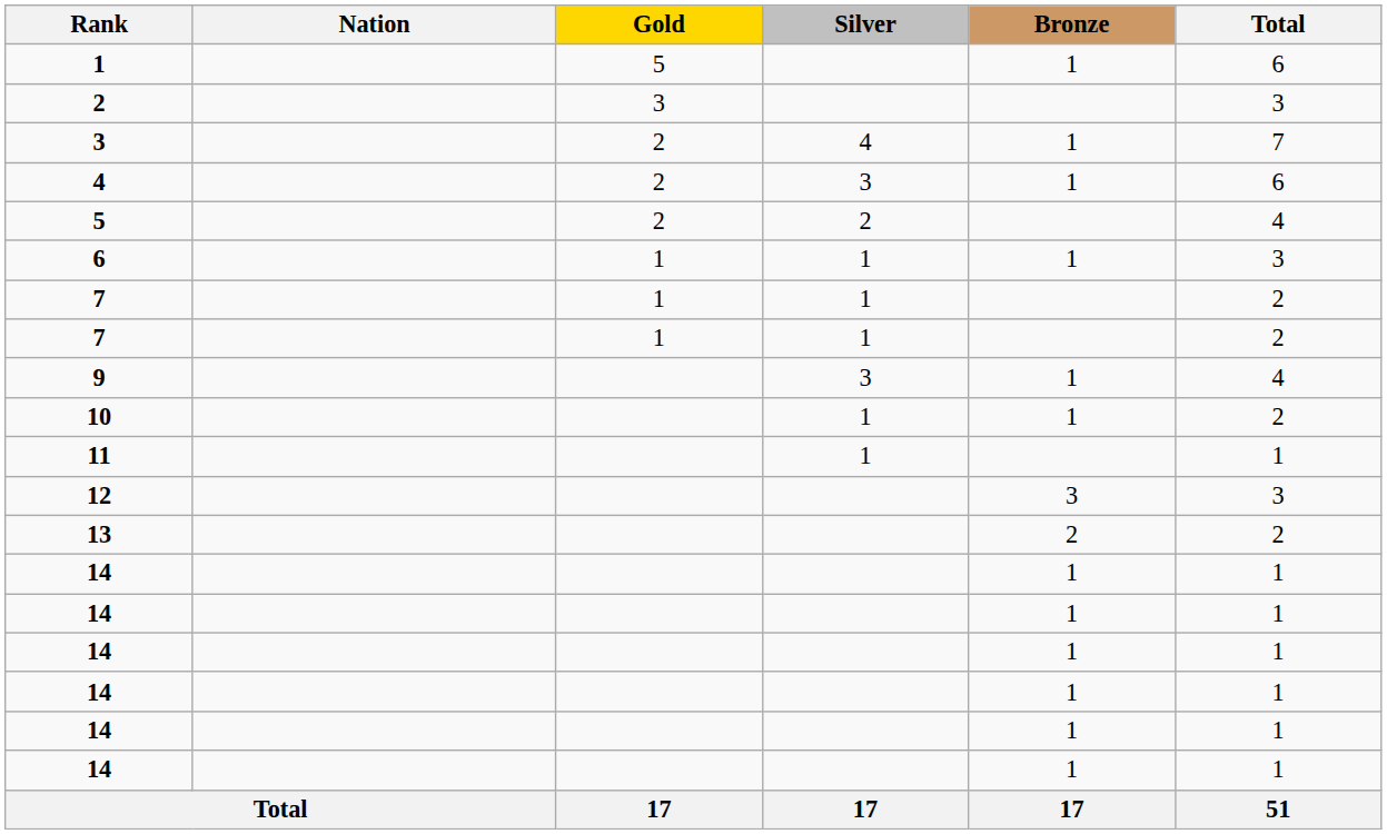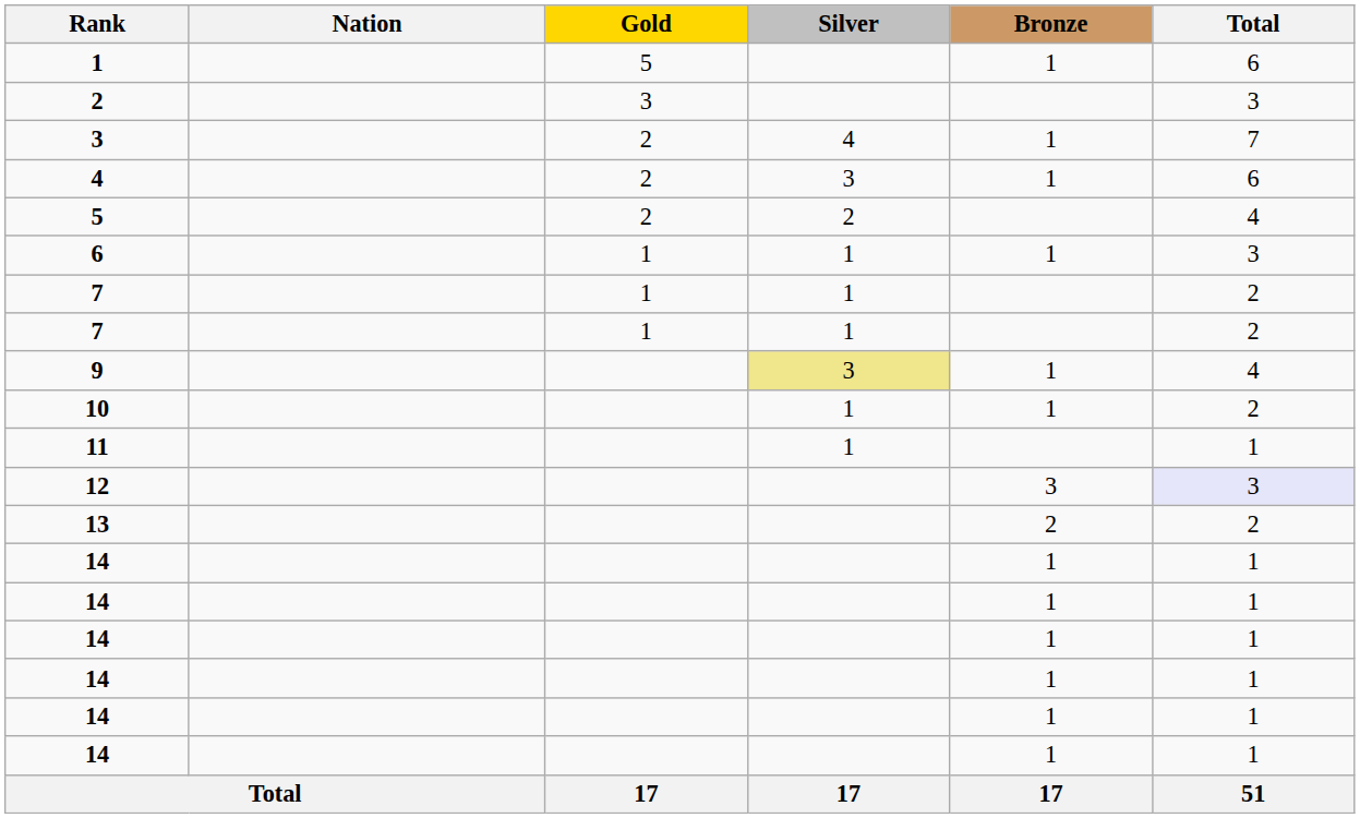 <table class="wikitable collapsible autocollapse plainrowheaders" width=70.5% style="text-align:center;">
 <tr style="background-color:#EDEDED;">
 <th width=100px class="hintergrundfarbe5">Rank</th>
 <th width=200px class="hintergrundfarbe6">Nation</th>
 <th style="background:    gold; width:15%">Gold</th>
 <th style="background:  silver; width:15%">Silver</th>
 <th style="background: #CC9966; width:15%">Bronze</th>
 <th class="hintergrundfarbe6" style="width:15%">Total</th>
 </tr>
 <tr>
 <td><strong>1</strong></td>
 <td align=left></td>
 <td>5</td>
 <td></td>
 <td>1</td>
 <td>6</td>
 </tr>
 <tr>
 <td><strong>2</strong></td>
 <td align=left></td>
 <td>3</td>
 <td></td>
 <td></td>
 <td>3</td>
 </tr>
 <tr>
 <td><strong>3</strong></td>
 <td align=left></td>
 <td>2</td>
 <td>4</td>
 <td>1</td>
 <td>7</td>
 </tr>
 <tr>
 <td><strong>4</strong></td>
 <td align=left></td>
 <td>2</td>
 <td>3</td>
 <td>1</td>
 <td>6</td>
 </tr>
 <tr>
 <td><strong>5</strong></td>
 <td align=left></td>
 <td>2</td>
 <td>2</td>
 <td></td>
 <td>4</td>
 </tr>
 <tr>
 <td><strong>6</strong></td>
 <td align=left></td>
 <td>1</td>
 <td>1</td>
 <td>1</td>
 <td>3</td>
 </tr>
 <tr>
 <td><strong>7</strong></td>
 <td align=left></td>
 <td>1</td>
 <td>1</td>
 <td></td>
 <td>2</td>
 </tr>
 <tr>
 <td><strong>7</strong></td>
 <td align=left></td>
 <td>1</td>
 <td>1</td>
 <td></td>
 <td>2</td>
 </tr>
 <tr>
 <td><strong>9</strong></td>
 <td align=left></td>
 <td></td>
-<td>3</td>
+<td style="background: khaki;">3</td>
 <td>1</td>
 <td>4</td>
 </tr>
 <tr>
 <td><strong>10</strong></td>
 <td align=left></td>
 <td></td>
 <td>1</td>
 <td>1</td>
 <td>2</td>
 </tr>
 <tr>
 <td><strong>11</strong></td>
 <td align=left></td>
 <td></td>
 <td>1</td>
 <td></td>
 <td>1</td>
 </tr>
 <tr>
 <td><strong>12</strong></td>
 <td align=left></td>
 <td></td>
 <td></td>
 <td>3</td>
-<td>3</td>
+<td style="background: lavender;">3</td>
 </tr>
 <tr>
 <td><strong>13</strong></td>
 <td align=left></td>
 <td></td>
 <td></td>
 <td>2</td>
 <td>2</td>
 </tr>
 <tr>
 <td><strong>14</strong></td>
 <td align=left></td>
 <td></td>
 <td></td>
 <td>1</td>
 <td>1</td>
 </tr>
 <tr>
 <td><strong>14</strong></td>
 <td align=left></td>
 <td></td>
 <td></td>
 <td>1</td>
 <td>1</td>
 </tr>
 <tr>
 <td><strong>14</strong></td>
 <td align=left></td>
 <td></td>
 <td></td>
 <td>1</td>
 <td>1</td>
 </tr>
 <tr>
 <td><strong>14</strong></td>
 <td align=left></td>
 <td></td>
 <td></td>
 <td>1</td>
 <td>1</td>
 </tr>
 <tr>
 <td><strong>14</strong></td>
 <td align=left></td>
 <td></td>
 <td></td>
 <td>1</td>
 <td>1</td>
 </tr>
 <tr>
 <td><strong>14</strong></td>
 <td align=left></td>
 <td></td>
 <td></td>
 <td>1</td>
 <td>1</td>
 </tr>
 <tr>
 <th colspan=2>Total</th>
 <th>17</th>
 <th>17</th>
 <th>17</th>
 <th>51</th>
 </tr>
 </table>
